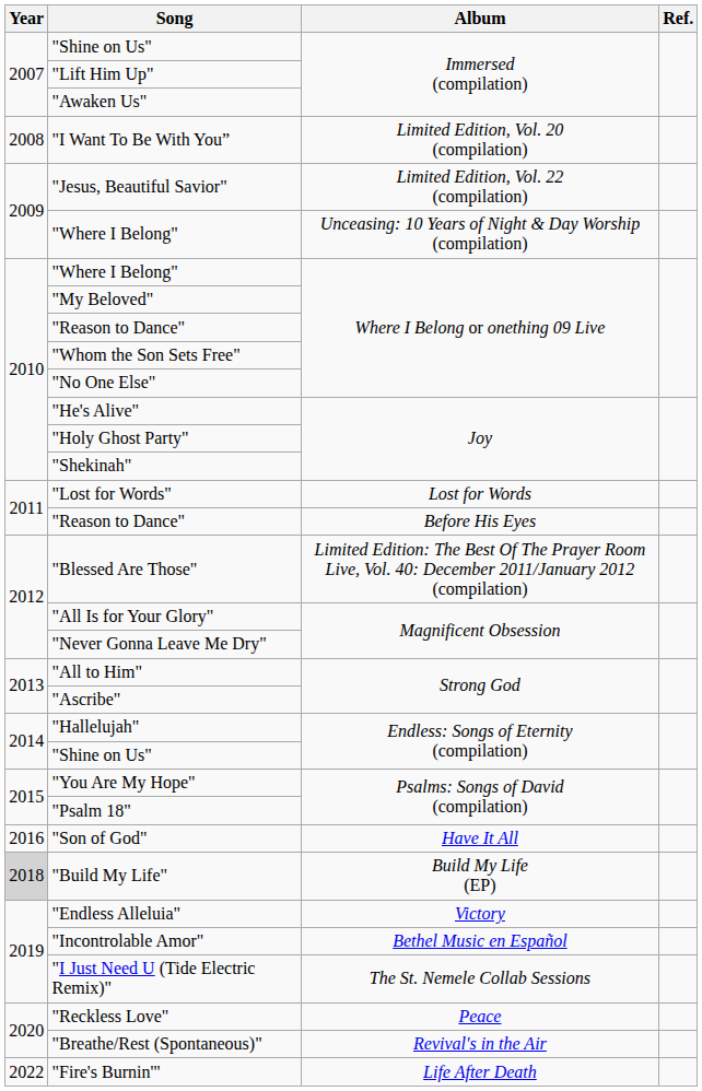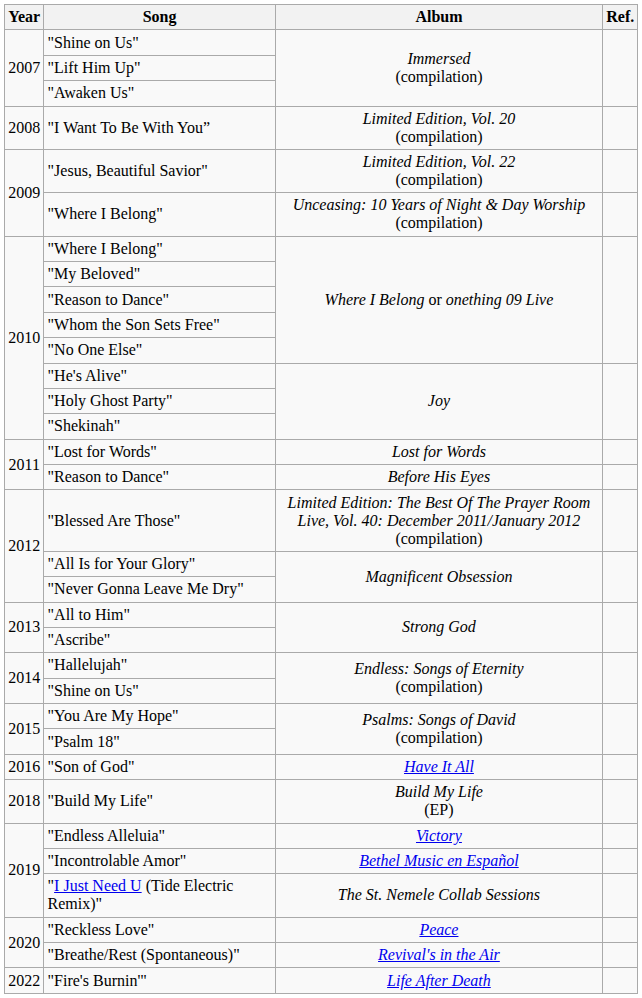 <table class="wikitable" style="text-align:center;">
 <tr>
 <th scope="col">Year</th>
 <th scope="col" style="width:14em;">Song</th>
 <th scope="col" style="width:20em;">Album</th>
 <th scope="col">Ref.</th>
 </tr>
 <tr>
 <td rowspan="3">2007</td>
 <td align="left">"Shine on Us"</td>
 <td rowspan="3"><em>Immersed</em><br>(compilation)</td>
 <td rowspan="3"></td>
 </tr>
 <tr>
 <td align="left">"Lift Him Up"</td>
 </tr>
 <tr>
 <td align="left">"Awaken Us"</td>
 </tr>
 <tr>
 <td>2008</td>
 <td align="left">"I Want To Be With You”</td>
 <td><em>Limited Edition, Vol. 20</em><br>(compilation)</td>
 <td></td>
 </tr>
 <tr>
 <td rowspan="2">2009</td>
 <td align="left">"Jesus, Beautiful Savior"</td>
 <td><em>Limited Edition, Vol. 22</em><br>(compilation)</td>
 <td></td>
 </tr>
 <tr>
 <td align="left">"Where I Belong"</td>
 <td><em>Unceasing: 10 Years of Night & Day Worship</em><br>(compilation)</td>
 <td></td>
 </tr>
 <tr>
 <td rowspan="8">2010</td>
 <td align="left">"Where I Belong"<br></td>
 <td rowspan="5"><em>Where I Belong</em> or <em>onething 09 Live</em></td>
 <td rowspan="5"></td>
 </tr>
 <tr>
 <td align="left">"My Beloved"<br></td>
 </tr>
 <tr>
 <td align="left">"Reason to Dance"<br></td>
 </tr>
 <tr>
 <td align="left">"Whom the Son Sets Free"<br></td>
 </tr>
 <tr>
 <td align="left">"No One Else"<br></td>
 </tr>
 <tr>
 <td align="left">"He's Alive"<br></td>
 <td rowspan="3"><em>Joy</em></td>
 <td rowspan="3"></td>
 </tr>
 <tr>
 <td align="left">"Holy Ghost Party"<br></td>
 </tr>
 <tr>
 <td align="left">"Shekinah"<br></td>
 </tr>
 <tr>
 <td rowspan="2">2011</td>
 <td align="left">"Lost for Words"<br></td>
 <td><em>Lost for Words</em></td>
 <td></td>
 </tr>
 <tr>
 <td align="left">"Reason to Dance"<br></td>
 <td><em>Before His Eyes</em></td>
 <td></td>
 </tr>
 <tr>
 <td rowspan="3">2012</td>
 <td align="left">"Blessed Are Those"<br></td>
 <td><em>Limited Edition: The Best Of The Prayer Room<br> Live, Vol. 40: December 2011/January 2012</em><br>(compilation)</td>
 <td></td>
 </tr>
 <tr>
 <td align="left">"All Is for Your Glory"<br></td>
 <td rowspan="2"><em>Magnificent Obsession</em></td>
 <td rowspan="2"></td>
 </tr>
 <tr>
 <td align="left">"Never Gonna Leave Me Dry"<br></td>
 </tr>
 <tr>
 <td rowspan="2">2013</td>
 <td align="left">"All to Him"<br></td>
 <td rowspan="2"><em>Strong God</em></td>
 <td rowspan="2"></td>
 </tr>
 <tr>
 <td align="left">"Ascribe"<br></td>
 </tr>
 <tr>
 <td rowspan="2">2014</td>
 <td align="left">"Hallelujah"<br></td>
 <td rowspan="2"><em>Endless: Songs of Eternity</em><br>(compilation)</td>
 <td rowspan="2"></td>
 </tr>
 <tr>
 <td align="left">"Shine on Us"<br></td>
 </tr>
 <tr>
 <td rowspan="2">2015</td>
 <td align="left">"You Are My Hope"<br></td>
 <td rowspan="2"><em>Psalms: Songs of David</em><br>(compilation)</td>
 <td rowspan="2"></td>
 </tr>
 <tr>
 <td align="left">"Psalm 18"<br></td>
 </tr>
 <tr>
 <td>2016</td>
 <td align="left">"Son of God"<br></td>
 <td><em><a href='#'>Have It All</a></em><br></td>
 <td></td>
 </tr>
 <tr>
-<td style="background: lightgrey;">2018</td>
+<td>2018</td>
 <td align="left">"Build My Life"<br></td>
 <td><em>Build My Life</em><br>(EP)</td>
 <td></td>
 </tr>
 <tr>
 <td rowspan="3">2019</td>
 <td align="left">"Endless Alleluia"<br></td>
 <td><em><a href='#'>Victory</a></em></td>
 <td></td>
 </tr>
 <tr>
 <td align="left">"Incontrolable Amor"<br></td>
 <td><em><a href='#'>Bethel Music en Español</a></em></td>
 <td></td>
 </tr>
 <tr>
 <td align="left">"<a href='#'>I Just Need U</a> (Tide Electric Remix)"<br></td>
 <td><em>The St. Nemele Collab Sessions</em></td>
 <td></td>
 </tr>
 <tr>
 <td rowspan="2">2020</td>
 <td align="left">"Reckless Love"<br></td>
 <td><em><a href='#'>Peace</a></em></td>
 <td></td>
 </tr>
 <tr>
 <td align="left">"Breathe/Rest (Spontaneous)"<br></td>
 <td><em><a href='#'>Revival's in the Air</a></em></td>
 <td></td>
 </tr>
 <tr>
 <td>2022</td>
 <td align="left">"Fire's Burnin'"<br></td>
 <td><em><a href='#'>Life After Death</a></em></td>
 <td></td>
 </tr>
 </table>
